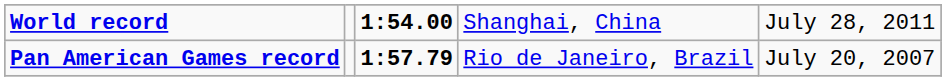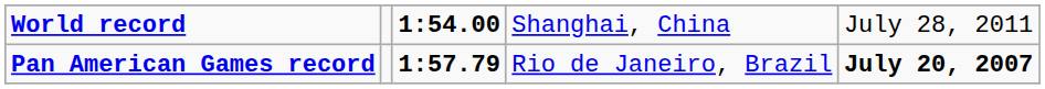 <table class="wikitable">
 <tr>
 <td><strong><a href='#'>World record</a></strong></td>
 <td></td>
 <td><strong>1:54.00</strong></td>
 <td><a href='#'>Shanghai</a>, <a href='#'>China</a></td>
 <td>July 28, 2011</td>
 </tr>
 <tr>
 <td><strong><a href='#'>Pan American Games record</a></strong></td>
 <td></td>
 <td><strong>1:57.79</strong></td>
 <td><a href='#'>Rio de Janeiro</a>, <a href='#'>Brazil</a></td>
-<td>July 20, 2007</td>
+<td><strong>July 20, 2007</strong></td>
 </tr>
 </table>
